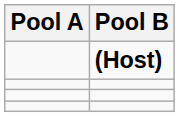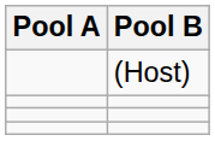 <table class="wikitable">
 <tr>
 <th width=50%>Pool A</th>
 <th width=50%>Pool B</th>
 </tr>
 <tr>
 <td></td>
-<td><strong> (Host)</strong></td>
+<td> (Host)</td>
 </tr>
 <tr>
 <td></td>
 <td></td>
 </tr>
 <tr>
 <td></td>
 <td></td>
 </tr>
 <tr>
 <td></td>
 <td></td>
 </tr>
 </table>
